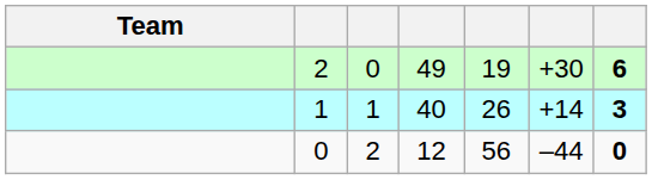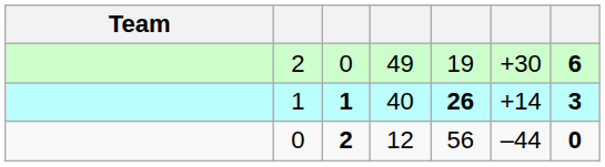 <table class="wikitable" style="text-align:center;">
 <tr>
 <th style="width:10.5em;">Team</th>
 <th style="width:1.5em;"></th>
 <th style="width:1.5em;"></th>
 <th style="width:2.0em;"></th>
 <th style="width:2.0em;"></th>
 <th style="width:2.0em;"></th>
 <th style="width:1.5em;"></th>
 </tr>
 <tr bgcolor=#cfc>
 <td align="left"></td>
 <td>2</td>
 <td>0</td>
 <td>49</td>
 <td>19</td>
 <td>+30</td>
 <td><strong>6</strong></td>
 </tr>
 <tr bgcolor=#bff>
 <td align="left"></td>
 <td>1</td>
-<td>1</td>
+<td><strong>1</strong></td>
 <td>40</td>
-<td>26</td>
+<td><strong>26</strong></td>
 <td>+14</td>
 <td><strong>3</strong></td>
 </tr>
 <tr>
 <td align="left"></td>
 <td>0</td>
-<td>2</td>
+<td><strong>2</strong></td>
 <td>12</td>
 <td>56</td>
 <td>–44</td>
 <td><strong>0</strong></td>
 </tr>
 </table>
